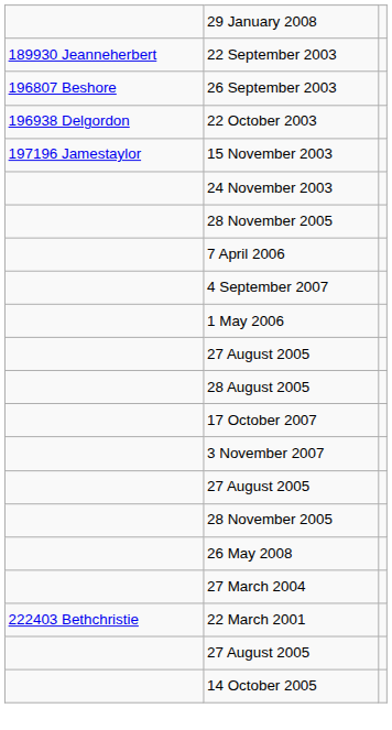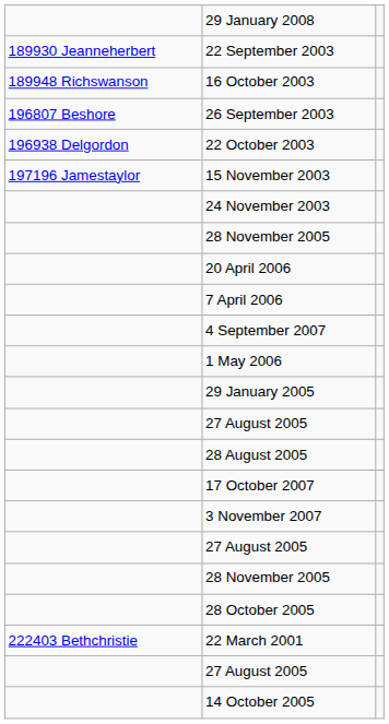 <table class="wikitable" style="font-size: 89%; float: left; width: 26em; margin-right: 1em; line-height: 1.65em !important; height: 675px;">
 <tr>
 <td></td>
 <td>29 January 2008</td>
 <td></td>
 </tr>
 <tr>
 <td><a href='#'>189930 Jeanneherbert</a></td>
 <td>22 September 2003</td>
+<td></td>
+</tr>
+<tr>
+<td><a href='#'>189948 Richswanson</a></td>
+<td>16 October 2003</td>
 <td></td>
 </tr>
 <tr>
 <td><a href='#'>196807 Beshore</a></td>
 <td>26 September 2003</td>
 <td></td>
 </tr>
 <tr>
 <td><a href='#'>196938 Delgordon</a></td>
 <td>22 October 2003</td>
 <td></td>
 </tr>
 <tr>
 <td><a href='#'>197196 Jamestaylor</a></td>
 <td>15 November 2003</td>
 <td></td>
 </tr>
 <tr>
 <td></td>
 <td>24 November 2003</td>
 <td></td>
 </tr>
 <tr>
 <td></td>
 <td>28 November 2005</td>
 <td></td>
 </tr>
 <tr>
 <td></td>
+<td>20 April 2006</td>
+<td></td>
+</tr>
+<tr>
+<td></td>
 <td>7 April 2006</td>
 <td></td>
 </tr>
 <tr>
 <td></td>
 <td>4 September 2007</td>
 <td></td>
 </tr>
 <tr>
 <td></td>
 <td>1 May 2006</td>
+<td></td>
+</tr>
+<tr>
+<td></td>
+<td>29 January 2005</td>
 <td></td>
 </tr>
 <tr>
 <td></td>
 <td>27 August 2005</td>
 <td></td>
 </tr>
 <tr>
 <td></td>
 <td>28 August 2005</td>
 <td></td>
 </tr>
 <tr>
 <td></td>
 <td>17 October 2007</td>
 <td></td>
 </tr>
 <tr>
 <td></td>
 <td>3 November 2007</td>
 <td></td>
 </tr>
 <tr>
 <td></td>
 <td>27 August 2005</td>
 <td></td>
 </tr>
 <tr>
 <td></td>
 <td>28 November 2005</td>
 <td></td>
 </tr>
 <tr>
 <td></td>
-<td>26 May 2008</td>
-<td></td>
-</tr>
-<tr>
-<td></td>
-<td>27 March 2004</td>
+<td>28 October 2005</td>
 <td></td>
 </tr>
 <tr>
 <td><a href='#'>222403 Bethchristie</a></td>
 <td>22 March 2001</td>
 <td></td>
 </tr>
 <tr>
 <td></td>
 <td>27 August 2005</td>
 <td></td>
 </tr>
 <tr>
 <td></td>
 <td>14 October 2005</td>
 <td></td>
 </tr>
 </table>
